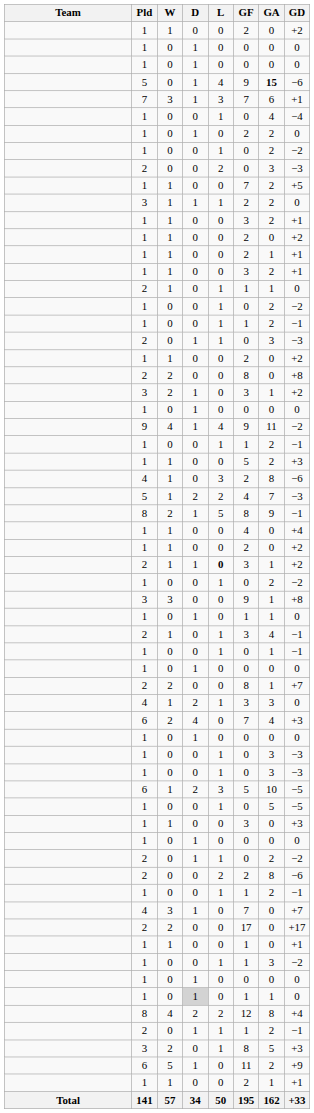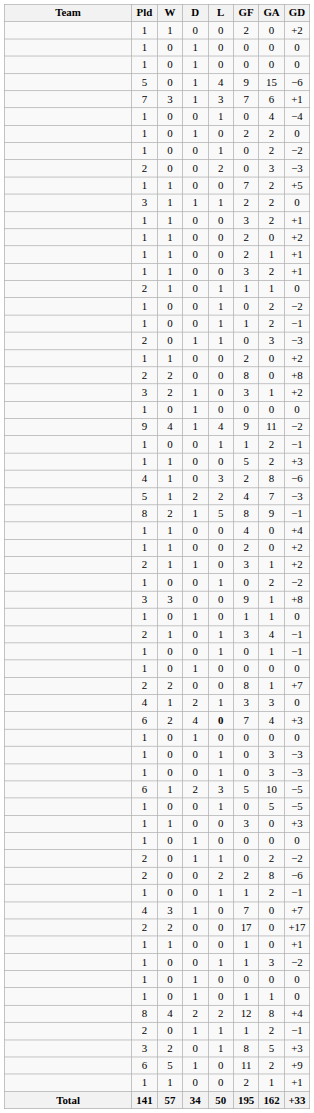 <table class="wikitable" style="text-align: center;">
 <tr>
 <th width=180>Team</th>
 <th width=30>Pld</th>
 <th width=30>W</th>
 <th width=30>D</th>
 <th width=30>L</th>
 <th width=30>GF</th>
 <th width=30>GA</th>
 <th width=30>GD</th>
 </tr>
 <tr>
 <td align="left"></td>
 <td>1</td>
 <td>1</td>
 <td>0</td>
 <td>0</td>
 <td>2</td>
 <td>0</td>
 <td>+2</td>
 </tr>
 <tr>
 <td align="left"></td>
 <td>1</td>
 <td>0</td>
 <td>1</td>
 <td>0</td>
 <td>0</td>
 <td>0</td>
 <td>0</td>
 </tr>
 <tr>
 <td align="left"></td>
 <td>1</td>
 <td>0</td>
 <td>1</td>
 <td>0</td>
 <td>0</td>
 <td>0</td>
 <td>0</td>
 </tr>
 <tr>
 <td align="left"></td>
 <td>5</td>
 <td>0</td>
 <td>1</td>
 <td>4</td>
 <td>9</td>
-<td><strong>15</strong></td>
+<td>15</td>
 <td>−6</td>
 </tr>
 <tr>
 <td align="left"></td>
 <td>7</td>
 <td>3</td>
 <td>1</td>
 <td>3</td>
 <td>7</td>
 <td>6</td>
 <td>+1</td>
 </tr>
 <tr>
 <td align="left"></td>
 <td>1</td>
 <td>0</td>
 <td>0</td>
 <td>1</td>
 <td>0</td>
 <td>4</td>
 <td>−4</td>
 </tr>
 <tr>
 <td align="left"></td>
 <td>1</td>
 <td>0</td>
 <td>1</td>
 <td>0</td>
 <td>2</td>
 <td>2</td>
 <td>0</td>
 </tr>
 <tr>
 <td align="left"></td>
 <td>1</td>
 <td>0</td>
 <td>0</td>
 <td>1</td>
 <td>0</td>
 <td>2</td>
 <td>−2</td>
 </tr>
 <tr>
 <td align="left"></td>
 <td>2</td>
 <td>0</td>
 <td>0</td>
 <td>2</td>
 <td>0</td>
 <td>3</td>
 <td>−3</td>
 </tr>
 <tr>
 <td align="left"></td>
 <td>1</td>
 <td>1</td>
 <td>0</td>
 <td>0</td>
 <td>7</td>
 <td>2</td>
 <td>+5</td>
 </tr>
 <tr>
 <td align="left"></td>
 <td>3</td>
 <td>1</td>
 <td>1</td>
 <td>1</td>
 <td>2</td>
 <td>2</td>
 <td>0</td>
 </tr>
 <tr>
 <td align="left"></td>
 <td>1</td>
 <td>1</td>
 <td>0</td>
 <td>0</td>
 <td>3</td>
 <td>2</td>
 <td>+1</td>
 </tr>
 <tr>
 <td align="left"></td>
 <td>1</td>
 <td>1</td>
 <td>0</td>
 <td>0</td>
 <td>2</td>
 <td>0</td>
 <td>+2</td>
 </tr>
 <tr>
 <td align="left"></td>
 <td>1</td>
 <td>1</td>
 <td>0</td>
 <td>0</td>
 <td>2</td>
 <td>1</td>
 <td>+1</td>
 </tr>
 <tr>
 <td align="left"></td>
 <td>1</td>
 <td>1</td>
 <td>0</td>
 <td>0</td>
 <td>3</td>
 <td>2</td>
 <td>+1</td>
 </tr>
 <tr>
 <td align="left"></td>
 <td>2</td>
 <td>1</td>
 <td>0</td>
 <td>1</td>
 <td>1</td>
 <td>1</td>
 <td>0</td>
 </tr>
 <tr>
 <td align="left"></td>
 <td>1</td>
 <td>0</td>
 <td>0</td>
 <td>1</td>
 <td>0</td>
 <td>2</td>
 <td>−2</td>
 </tr>
 <tr>
 <td align="left"></td>
 <td>1</td>
 <td>0</td>
 <td>0</td>
 <td>1</td>
 <td>1</td>
 <td>2</td>
 <td>−1</td>
 </tr>
 <tr>
 <td align="left"></td>
 <td>2</td>
 <td>0</td>
 <td>1</td>
 <td>1</td>
 <td>0</td>
 <td>3</td>
 <td>−3</td>
 </tr>
 <tr>
 <td align="left"></td>
 <td>1</td>
 <td>1</td>
 <td>0</td>
 <td>0</td>
 <td>2</td>
 <td>0</td>
 <td>+2</td>
 </tr>
 <tr>
 <td align="left"></td>
 <td>2</td>
 <td>2</td>
 <td>0</td>
 <td>0</td>
 <td>8</td>
 <td>0</td>
 <td>+8</td>
 </tr>
 <tr>
 <td align="left"></td>
 <td>3</td>
 <td>2</td>
 <td>1</td>
 <td>0</td>
 <td>3</td>
 <td>1</td>
 <td>+2</td>
 </tr>
 <tr>
 <td align="left"></td>
 <td>1</td>
 <td>0</td>
 <td>1</td>
 <td>0</td>
 <td>0</td>
 <td>0</td>
 <td>0</td>
 </tr>
 <tr>
 <td align="left"></td>
 <td>9</td>
 <td>4</td>
 <td>1</td>
 <td>4</td>
 <td>9</td>
 <td>11</td>
 <td>−2</td>
 </tr>
 <tr>
 <td align="left"></td>
 <td>1</td>
 <td>0</td>
 <td>0</td>
 <td>1</td>
 <td>1</td>
 <td>2</td>
 <td>−1</td>
 </tr>
 <tr>
 <td align="left"></td>
 <td>1</td>
 <td>1</td>
 <td>0</td>
 <td>0</td>
 <td>5</td>
 <td>2</td>
 <td>+3</td>
 </tr>
 <tr>
 <td align="left"></td>
 <td>4</td>
 <td>1</td>
 <td>0</td>
 <td>3</td>
 <td>2</td>
 <td>8</td>
 <td>−6</td>
 </tr>
 <tr>
 <td align="left"></td>
 <td>5</td>
 <td>1</td>
 <td>2</td>
 <td>2</td>
 <td>4</td>
 <td>7</td>
 <td>−3</td>
 </tr>
 <tr>
 <td align="left"></td>
 <td>8</td>
 <td>2</td>
 <td>1</td>
 <td>5</td>
 <td>8</td>
 <td>9</td>
 <td>−1</td>
 </tr>
 <tr>
 <td align="left"></td>
 <td>1</td>
 <td>1</td>
 <td>0</td>
 <td>0</td>
 <td>4</td>
 <td>0</td>
 <td>+4</td>
 </tr>
 <tr>
 <td align="left"></td>
 <td>1</td>
 <td>1</td>
 <td>0</td>
 <td>0</td>
 <td>2</td>
 <td>0</td>
 <td>+2</td>
 </tr>
 <tr>
 <td align="left"></td>
 <td>2</td>
 <td>1</td>
 <td>1</td>
-<td><strong>0</strong></td>
+<td>0</td>
 <td>3</td>
 <td>1</td>
 <td>+2</td>
 </tr>
 <tr>
 <td align="left"></td>
 <td>1</td>
 <td>0</td>
 <td>0</td>
 <td>1</td>
 <td>0</td>
 <td>2</td>
 <td>−2</td>
 </tr>
 <tr>
 <td align="left"></td>
 <td>3</td>
 <td>3</td>
 <td>0</td>
 <td>0</td>
 <td>9</td>
 <td>1</td>
 <td>+8</td>
 </tr>
 <tr>
 <td align="left"></td>
 <td>1</td>
 <td>0</td>
 <td>1</td>
 <td>0</td>
 <td>1</td>
 <td>1</td>
 <td>0</td>
 </tr>
 <tr>
 <td align="left"></td>
 <td>2</td>
 <td>1</td>
 <td>0</td>
 <td>1</td>
 <td>3</td>
 <td>4</td>
 <td>−1</td>
 </tr>
 <tr>
 <td align="left"></td>
 <td>1</td>
 <td>0</td>
 <td>0</td>
 <td>1</td>
 <td>0</td>
 <td>1</td>
 <td>−1</td>
 </tr>
 <tr>
 <td align="left"></td>
 <td>1</td>
 <td>0</td>
 <td>1</td>
 <td>0</td>
 <td>0</td>
 <td>0</td>
 <td>0</td>
 </tr>
 <tr>
 <td align="left"></td>
 <td>2</td>
 <td>2</td>
 <td>0</td>
 <td>0</td>
 <td>8</td>
 <td>1</td>
 <td>+7</td>
 </tr>
 <tr>
 <td align="left"></td>
 <td>4</td>
 <td>1</td>
 <td>2</td>
 <td>1</td>
 <td>3</td>
 <td>3</td>
 <td>0</td>
 </tr>
 <tr>
 <td align="left"></td>
 <td>6</td>
 <td>2</td>
 <td>4</td>
-<td>0</td>
+<td><strong>0</strong></td>
 <td>7</td>
 <td>4</td>
 <td>+3</td>
 </tr>
 <tr>
 <td align="left"></td>
 <td>1</td>
 <td>0</td>
 <td>1</td>
 <td>0</td>
 <td>0</td>
 <td>0</td>
 <td>0</td>
 </tr>
 <tr>
 <td align="left"></td>
 <td>1</td>
 <td>0</td>
 <td>0</td>
 <td>1</td>
 <td>0</td>
 <td>3</td>
 <td>−3</td>
 </tr>
 <tr>
 <td align="left"></td>
 <td>1</td>
 <td>0</td>
 <td>0</td>
 <td>1</td>
 <td>0</td>
 <td>3</td>
 <td>−3</td>
 </tr>
 <tr>
 <td align="left"></td>
 <td>6</td>
 <td>1</td>
 <td>2</td>
 <td>3</td>
 <td>5</td>
 <td>10</td>
 <td>−5</td>
 </tr>
 <tr>
 <td align="left"></td>
 <td>1</td>
 <td>0</td>
 <td>0</td>
 <td>1</td>
 <td>0</td>
 <td>5</td>
 <td>−5</td>
 </tr>
 <tr>
 <td align="left"></td>
 <td>1</td>
 <td>1</td>
 <td>0</td>
 <td>0</td>
 <td>3</td>
 <td>0</td>
 <td>+3</td>
 </tr>
 <tr>
 <td align="left"></td>
 <td>1</td>
 <td>0</td>
 <td>1</td>
 <td>0</td>
 <td>0</td>
 <td>0</td>
 <td>0</td>
 </tr>
 <tr>
 <td align="left"></td>
 <td>2</td>
 <td>0</td>
 <td>1</td>
 <td>1</td>
 <td>0</td>
 <td>2</td>
 <td>−2</td>
 </tr>
 <tr>
 <td align="left"></td>
 <td>2</td>
 <td>0</td>
 <td>0</td>
 <td>2</td>
 <td>2</td>
 <td>8</td>
 <td>−6</td>
 </tr>
 <tr>
 <td align="left"></td>
 <td>1</td>
 <td>0</td>
 <td>0</td>
 <td>1</td>
 <td>1</td>
 <td>2</td>
 <td>−1</td>
 </tr>
 <tr>
 <td align="left"></td>
 <td>4</td>
 <td>3</td>
 <td>1</td>
 <td>0</td>
 <td>7</td>
 <td>0</td>
 <td>+7</td>
 </tr>
 <tr>
 <td align="left"></td>
 <td>2</td>
 <td>2</td>
 <td>0</td>
 <td>0</td>
 <td>17</td>
 <td>0</td>
 <td>+17</td>
 </tr>
 <tr>
 <td align="left"></td>
 <td>1</td>
 <td>1</td>
 <td>0</td>
 <td>0</td>
 <td>1</td>
 <td>0</td>
 <td>+1</td>
 </tr>
 <tr>
 <td align="left"></td>
 <td>1</td>
 <td>0</td>
 <td>0</td>
 <td>1</td>
 <td>1</td>
 <td>3</td>
 <td>−2</td>
 </tr>
 <tr>
 <td align="left"></td>
 <td>1</td>
 <td>0</td>
 <td>1</td>
 <td>0</td>
 <td>0</td>
 <td>0</td>
 <td>0</td>
 </tr>
 <tr>
 <td align="left"></td>
 <td>1</td>
 <td>0</td>
-<td style="background: lightgrey;">1</td>
+<td>1</td>
 <td>0</td>
 <td>1</td>
 <td>1</td>
 <td>0</td>
 </tr>
 <tr>
 <td align="left"></td>
 <td>8</td>
 <td>4</td>
 <td>2</td>
 <td>2</td>
 <td>12</td>
 <td>8</td>
 <td>+4</td>
 </tr>
 <tr>
 <td align="left"></td>
 <td>2</td>
 <td>0</td>
 <td>1</td>
 <td>1</td>
 <td>1</td>
 <td>2</td>
 <td>−1</td>
 </tr>
 <tr>
 <td align="left"></td>
 <td>3</td>
 <td>2</td>
 <td>0</td>
 <td>1</td>
 <td>8</td>
 <td>5</td>
 <td>+3</td>
 </tr>
 <tr>
 <td align="left"></td>
 <td>6</td>
 <td>5</td>
 <td>1</td>
 <td>0</td>
 <td>11</td>
 <td>2</td>
 <td>+9</td>
 </tr>
 <tr>
 <td align="left"></td>
 <td>1</td>
 <td>1</td>
 <td>0</td>
 <td>0</td>
 <td>2</td>
 <td>1</td>
 <td>+1</td>
 </tr>
 <tr>
 <th>Total</th>
 <th>141</th>
 <th>57</th>
 <th>34</th>
 <th>50</th>
 <th>195</th>
 <th>162</th>
 <th>+33</th>
 </tr>
 </table>
